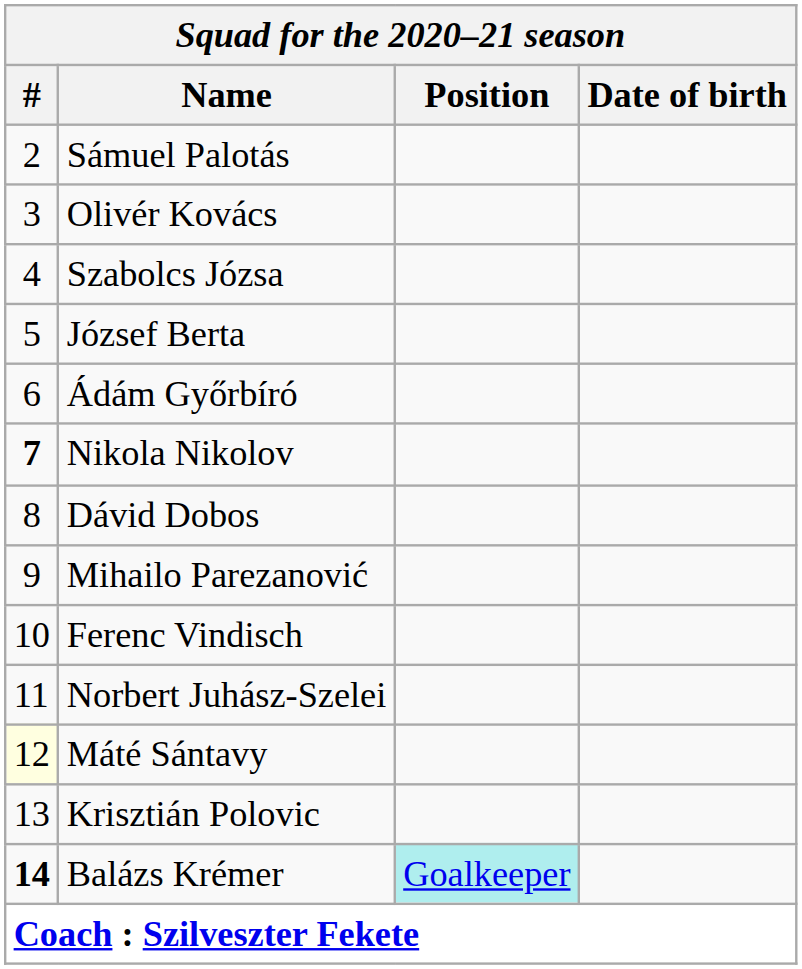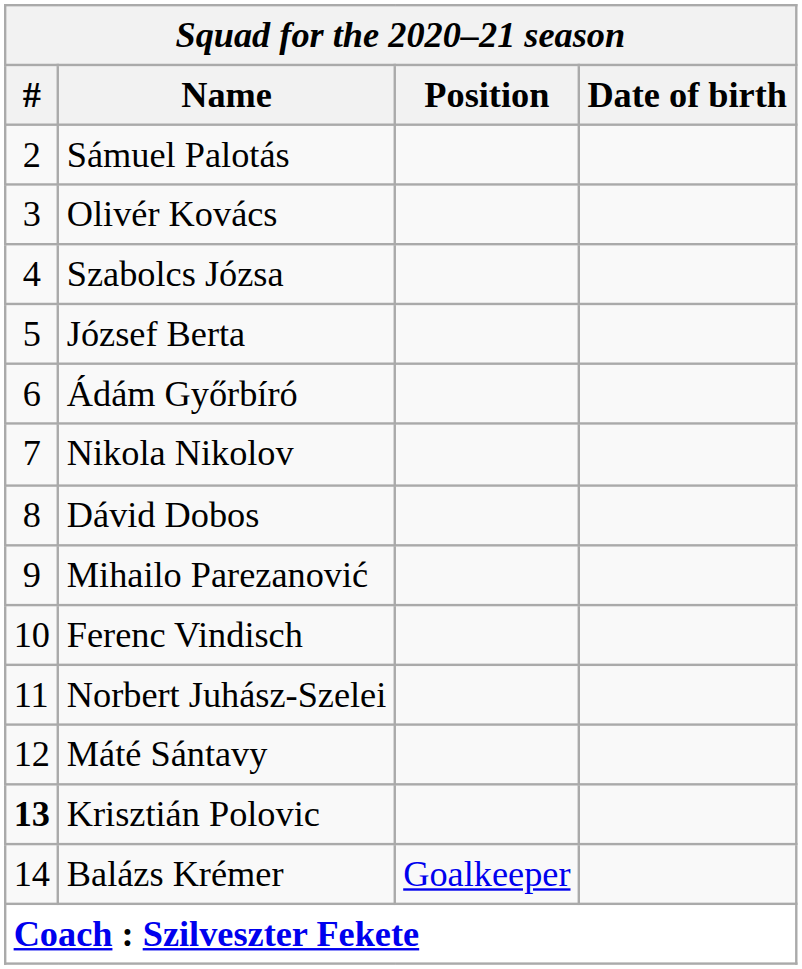 <table class="wikitable" style="font-size:95%; text-align:left;">
 <tr>
 <th colspan=6><em>Squad for the 2020–21 season</em></th>
 </tr>
 <tr>
 <th>#</th>
 <th>Name</th>
 <th>Position</th>
 <th>Date of birth</th>
 </tr>
 <tr>
 <td align=center>2</td>
 <td> Sámuel Palotás</td>
 <td></td>
 <td></td>
 </tr>
 <tr>
 <td align=center>3</td>
 <td> Olivér Kovács</td>
 <td></td>
 <td></td>
 </tr>
 <tr>
 <td align=center>4</td>
 <td> Szabolcs Józsa</td>
 <td></td>
 <td></td>
 </tr>
 <tr>
 <td align=center>5</td>
 <td> József Berta</td>
 <td></td>
 <td></td>
 </tr>
 <tr>
 <td align=center>6</td>
 <td> Ádám Győrbíró</td>
 <td></td>
 <td></td>
 </tr>
 <tr>
-<td align=center><strong>7</strong></td>
+<td align=center>7</td>
 <td> Nikola Nikolov</td>
 <td></td>
 <td></td>
 </tr>
 <tr>
 <td align=center>8</td>
 <td> Dávid Dobos</td>
 <td></td>
 <td></td>
 </tr>
 <tr>
 <td align=center>9</td>
 <td> Mihailo Parezanović</td>
 <td></td>
 <td></td>
 </tr>
 <tr>
 <td>10</td>
 <td> Ferenc Vindisch</td>
 <td></td>
 <td></td>
 </tr>
 <tr>
 <td>11</td>
 <td> Norbert Juhász-Szelei</td>
 <td></td>
 <td></td>
 </tr>
 <tr>
-<td style="background: lightyellow;">12</td>
+<td>12</td>
 <td> Máté Sántavy</td>
 <td></td>
 <td></td>
 </tr>
 <tr>
-<td>13</td>
+<td><strong>13</strong></td>
 <td>  Krisztián Polovic</td>
 <td></td>
 <td></td>
 </tr>
 <tr>
-<td><strong>14</strong></td>
+<td>14</td>
 <td> Balázs Krémer</td>
-<td style="background: paleturquoise;"><a href='#'>Goalkeeper</a></td>
+<td><a href='#'>Goalkeeper</a></td>
 <td></td>
 </tr>
 <tr>
 <th colspan="4" style="margin:0.7em;color:black;text-align:left;background:white"><a href='#'>Coach</a> :  <a href='#'>Szilveszter Fekete</a></th>
 </tr>
 </table>
